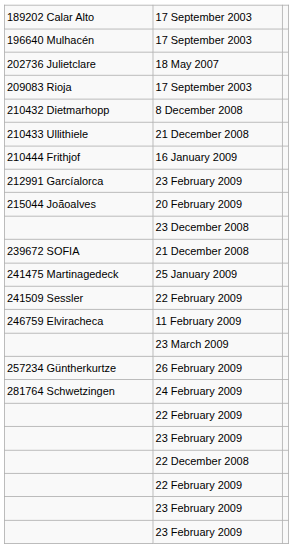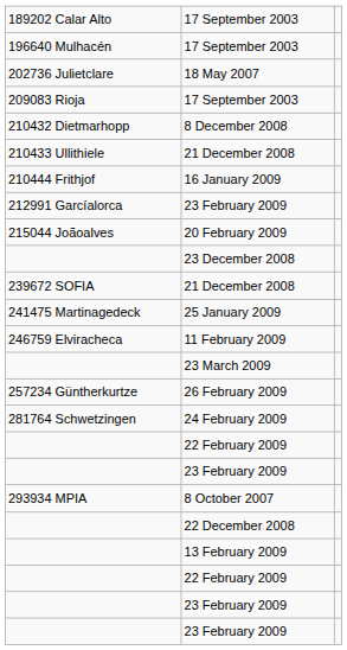 <table class="wikitable" style="font-size: 89%; float: left; width: 26em; margin-right: 1em; height: 700px;">
 <tr>
 <td>189202 Calar Alto</td>
 <td>17 September 2003</td>
 <td></td>
 </tr>
 <tr>
 <td>196640 Mulhacén</td>
 <td>17 September 2003</td>
 <td></td>
 </tr>
 <tr>
 <td>202736 Julietclare</td>
 <td>18 May 2007</td>
 <td></td>
 </tr>
 <tr>
 <td>209083 Rioja</td>
 <td>17 September 2003</td>
 <td></td>
 </tr>
 <tr>
 <td>210432 Dietmarhopp</td>
 <td>8 December 2008</td>
 <td></td>
 </tr>
 <tr>
 <td>210433 Ullithiele</td>
 <td>21 December 2008</td>
 <td></td>
 </tr>
 <tr>
 <td>210444 Frithjof</td>
 <td>16 January 2009</td>
 <td></td>
 </tr>
 <tr>
 <td>212991 Garcíalorca</td>
 <td>23 February 2009</td>
 <td></td>
 </tr>
 <tr>
 <td>215044 Joãoalves</td>
 <td>20 February 2009</td>
 <td></td>
 </tr>
 <tr>
 <td></td>
 <td>23 December 2008</td>
 <td></td>
 </tr>
 <tr>
 <td>239672 SOFIA</td>
 <td>21 December 2008</td>
 <td></td>
 </tr>
 <tr>
 <td>241475 Martinagedeck</td>
 <td>25 January 2009</td>
 <td></td>
 </tr>
 <tr>
-<td>241509 Sessler</td>
-<td>22 February 2009</td>
-<td></td>
-</tr>
-<tr>
 <td>246759 Elviracheca</td>
 <td>11 February 2009</td>
 <td></td>
 </tr>
 <tr>
 <td></td>
 <td>23 March 2009</td>
 <td></td>
 </tr>
 <tr>
 <td>257234 Güntherkurtze</td>
 <td>26 February 2009</td>
 <td></td>
 </tr>
 <tr>
 <td>281764 Schwetzingen</td>
 <td>24 February 2009</td>
 <td></td>
 </tr>
 <tr>
 <td></td>
 <td>22 February 2009</td>
 <td></td>
 </tr>
 <tr>
 <td></td>
 <td>23 February 2009</td>
 <td></td>
 </tr>
 <tr>
+<td>293934 MPIA</td>
+<td>8 October 2007</td>
+<td></td>
+</tr>
+<tr>
 <td></td>
 <td>22 December 2008</td>
+<td></td>
+</tr>
+<tr>
+<td></td>
+<td>13 February 2009</td>
 <td></td>
 </tr>
 <tr>
 <td></td>
 <td>22 February 2009</td>
 <td></td>
 </tr>
 <tr>
 <td></td>
 <td>23 February 2009</td>
 <td></td>
 </tr>
 <tr>
 <td></td>
 <td>23 February 2009</td>
 <td></td>
 </tr>
 </table>
